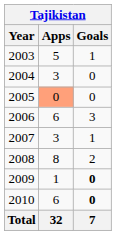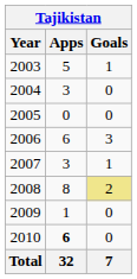 <table class="wikitable" style="text-align:center">
 <tr>
 <th colspan=3><a href='#'>Tajikistan</a></th>
 </tr>
 <tr>
 <th>Year</th>
 <th>Apps</th>
 <th>Goals</th>
 </tr>
 <tr>
 <td>2003</td>
 <td>5</td>
 <td>1</td>
 </tr>
 <tr>
 <td>2004</td>
 <td>3</td>
 <td>0</td>
 </tr>
 <tr>
 <td>2005</td>
-<td style="background: lightsalmon;">0</td>
+<td>0</td>
 <td>0</td>
 </tr>
 <tr>
 <td>2006</td>
 <td>6</td>
 <td>3</td>
 </tr>
 <tr>
 <td>2007</td>
 <td>3</td>
 <td>1</td>
 </tr>
 <tr>
 <td>2008</td>
 <td>8</td>
-<td>2</td>
+<td style="background: khaki;">2</td>
 </tr>
 <tr>
 <td>2009</td>
 <td>1</td>
-<td><strong>0</strong></td>
+<td>0</td>
 </tr>
 <tr>
 <td>2010</td>
-<td>6</td>
-<td><strong>0</strong></td>
+<td><strong>6</strong></td>
+<td>0</td>
 </tr>
 <tr>
 <th>Total</th>
 <th>32</th>
 <th>7</th>
 </tr>
 </table>
